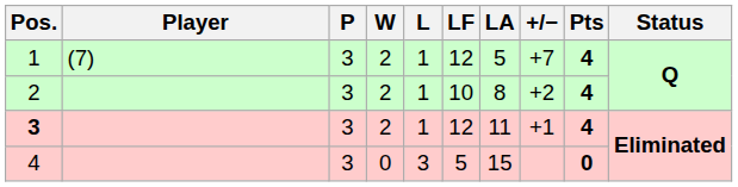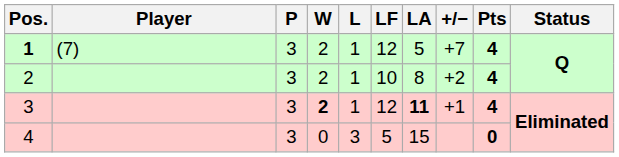 <table class="wikitable" style="text-align:center; margin: 1em auto 1em auto, align:left">
 <tr>
 <th width=20>Pos.</th>
 <th width=185>Player</th>
 <th width=20>P</th>
 <th width=20>W</th>
 <th width=20>L</th>
 <th width=20>LF</th>
 <th width=20>LA</th>
 <th width=25>+/−</th>
 <th width=20>Pts</th>
 <th width=70>Status</th>
 </tr>
 <tr style="background:#CCFFCC;">
-<td>1</td>
+<td><strong>1</strong></td>
 <td style="text-align:left"> (7)</td>
 <td>3</td>
 <td>2</td>
 <td>1</td>
 <td>12</td>
 <td>5</td>
 <td>+7</td>
 <td><strong>4</strong></td>
 <td rowspan=2><strong>Q</strong></td>
 </tr>
 <tr style="background:#CCFFCC;">
 <td>2</td>
 <td style="text-align:left"></td>
 <td>3</td>
 <td>2</td>
 <td>1</td>
 <td>10</td>
 <td>8</td>
 <td>+2</td>
 <td><strong>4</strong></td>
 </tr>
 <tr style="background:#FFCCCC;">
-<td><strong>3</strong></td>
+<td>3</td>
 <td style="text-align:left"></td>
 <td>3</td>
-<td>2</td>
+<td><strong>2</strong></td>
 <td>1</td>
 <td>12</td>
-<td>11</td>
+<td><strong>11</strong></td>
 <td>+1</td>
 <td><strong>4</strong></td>
 <td rowspan=2><strong>Eliminated</strong></td>
 </tr>
 <tr style="background:#FFCCCC;">
 <td>4</td>
 <td style="text-align:left"></td>
 <td>3</td>
 <td>0</td>
 <td>3</td>
 <td>5</td>
 <td>15</td>
 <td></td>
 <td><strong>0</strong></td>
 </tr>
 </table>
